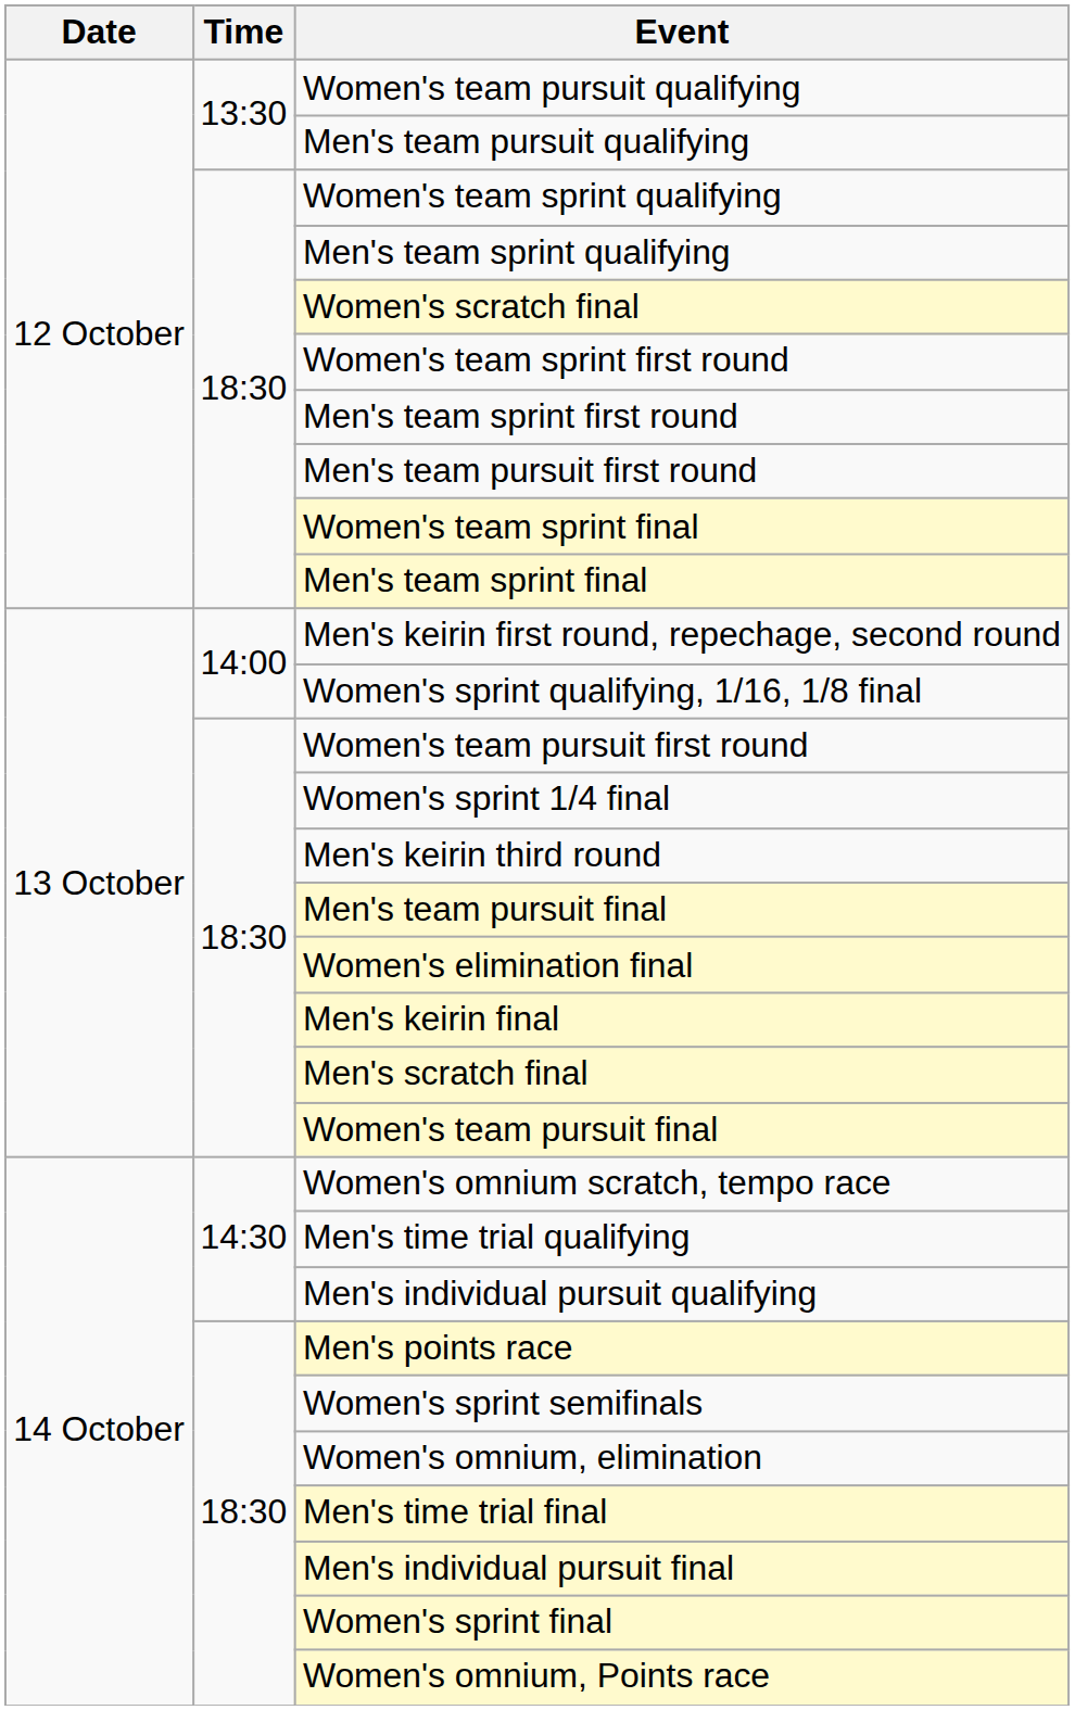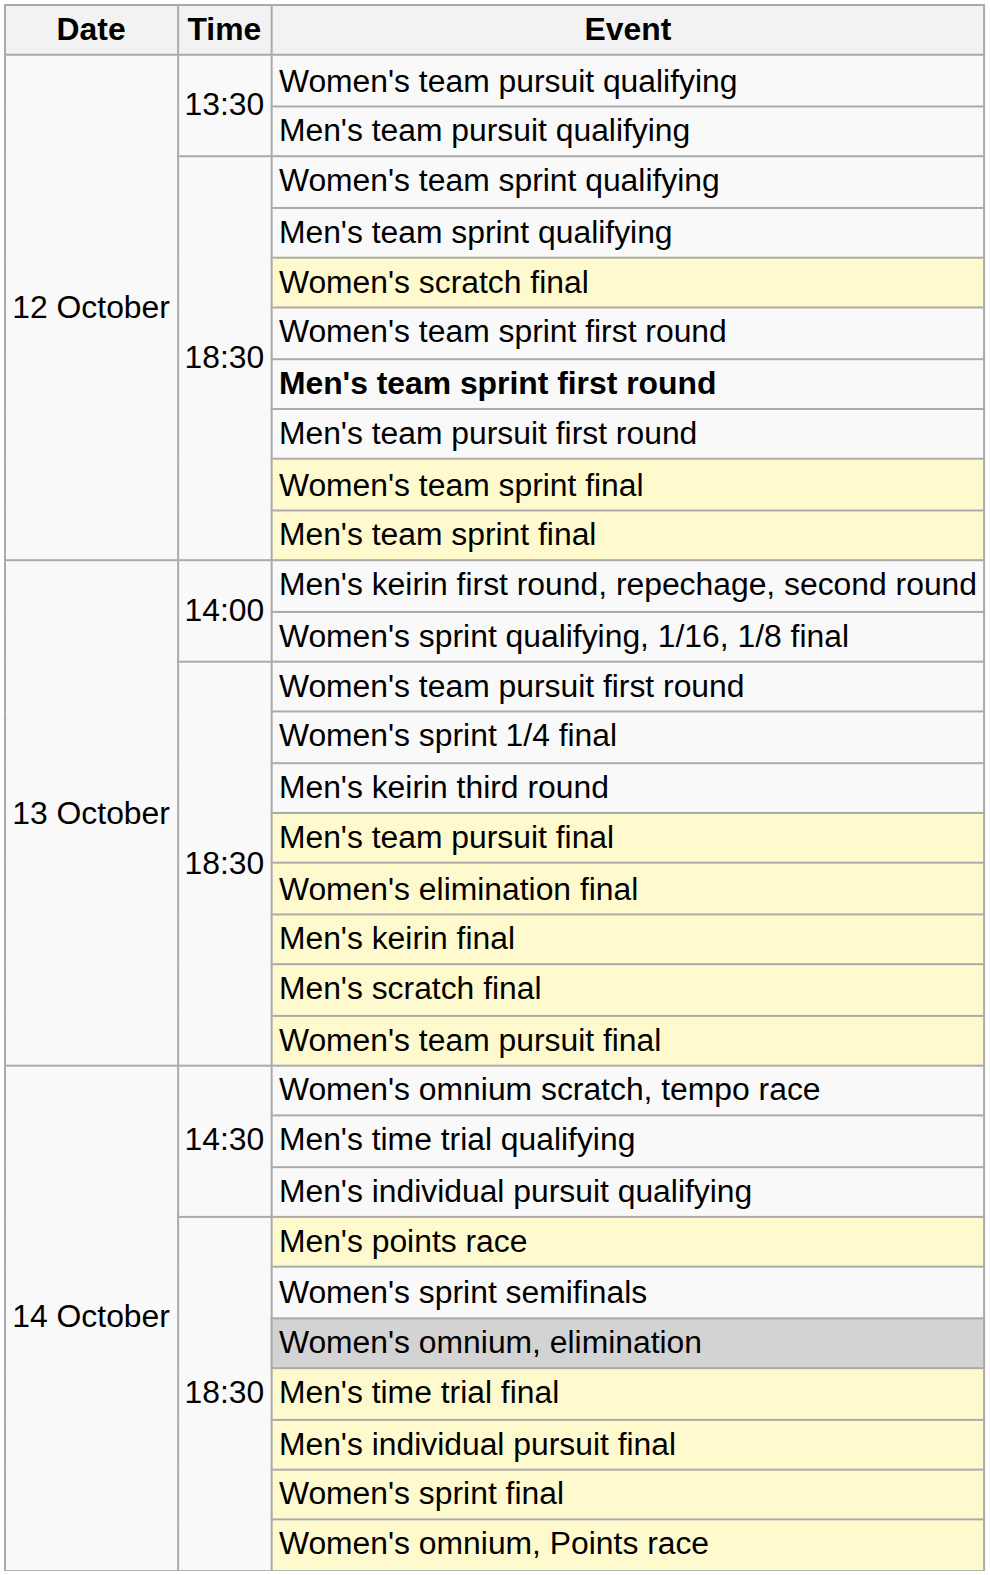 <table class="wikitable">
 <tr>
 <th>Date</th>
 <th>Time</th>
 <th>Event</th>
 </tr>
 <tr>
 <td rowspan=10>12 October</td>
 <td rowspan=2>13:30</td>
 <td>Women's team pursuit qualifying</td>
 </tr>
 <tr>
 <td>Men's team pursuit qualifying</td>
 </tr>
 <tr>
 <td rowspan=8>18:30</td>
 <td>Women's team sprint qualifying</td>
 </tr>
 <tr>
 <td>Men's team sprint qualifying</td>
 </tr>
 <tr>
 <td style="background:lemonchiffon">Women's scratch final</td>
 </tr>
 <tr>
 <td>Women's team sprint first round</td>
 </tr>
 <tr>
-<td>Men's team sprint first round</td>
+<td><strong>Men's team sprint first round</strong></td>
 </tr>
 <tr>
 <td>Men's team pursuit first round</td>
 </tr>
 <tr>
 <td style="background:lemonchiffon">Women's team sprint final</td>
 </tr>
 <tr>
 <td style="background:lemonchiffon">Men's team sprint final</td>
 </tr>
 <tr>
 <td rowspan=10>13 October</td>
 <td rowspan=2>14:00</td>
 <td>Men's keirin first round, repechage, second round</td>
 </tr>
 <tr>
 <td>Women's sprint qualifying, 1/16, 1/8 final</td>
 </tr>
 <tr>
 <td rowspan=8>18:30</td>
 <td>Women's team pursuit first round</td>
 </tr>
 <tr>
 <td>Women's sprint 1/4 final</td>
 </tr>
 <tr>
 <td>Men's keirin third round</td>
 </tr>
 <tr>
 <td style="background:lemonchiffon">Men's team pursuit final</td>
 </tr>
 <tr>
 <td style="background:lemonchiffon">Women's elimination final</td>
 </tr>
 <tr>
 <td style="background:lemonchiffon">Men's keirin final</td>
 </tr>
 <tr>
 <td style="background:lemonchiffon">Men's scratch final</td>
 </tr>
 <tr>
 <td style="background:lemonchiffon">Women's team pursuit final</td>
 </tr>
 <tr>
 <td rowspan=10>14 October</td>
 <td rowspan=3>14:30</td>
 <td>Women's omnium scratch, tempo race</td>
 </tr>
 <tr>
 <td>Men's time trial qualifying</td>
 </tr>
 <tr>
 <td>Men's individual pursuit qualifying</td>
 </tr>
 <tr>
 <td rowspan=7>18:30</td>
 <td style="background:lemonchiffon">Men's points race</td>
 </tr>
 <tr>
 <td>Women's sprint semifinals</td>
 </tr>
 <tr>
-<td>Women's omnium, elimination</td>
+<td style="background: lightgrey;">Women's omnium, elimination</td>
 </tr>
 <tr>
 <td style="background:lemonchiffon">Men's time trial final</td>
 </tr>
 <tr>
 <td style="background:lemonchiffon">Men's individual pursuit final</td>
 </tr>
 <tr>
 <td style="background:lemonchiffon">Women's sprint final</td>
 </tr>
 <tr>
 <td style="background:lemonchiffon">Women's omnium, Points race</td>
 </tr>
 </table>
